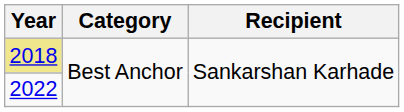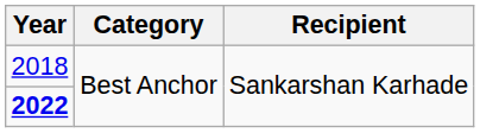 <table class="wikitable">
 <tr>
 <th>Year</th>
 <th>Category</th>
 <th>Recipient</th>
 </tr>
 <tr>
-<td style="background: khaki;"><a href='#'>2018</a></td>
+<td><a href='#'>2018</a></td>
 <td rowspan="2">Best Anchor</td>
 <td rowspan="2">Sankarshan Karhade</td>
 </tr>
 <tr>
-<td><a href='#'>2022</a></td>
+<td><strong><a href='#'>2022</a></strong></td>
 </tr>
 </table>
